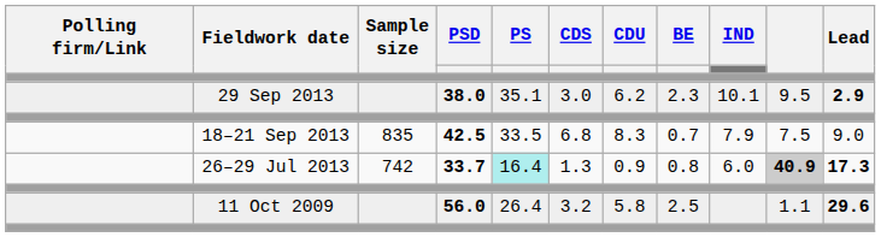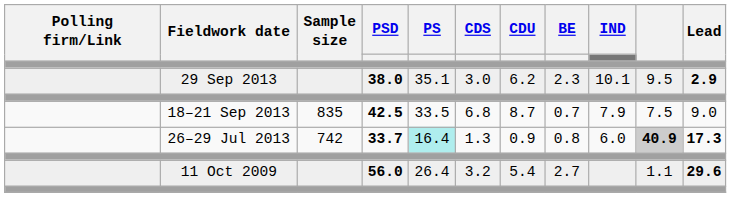 <table class="wikitable collapsible sortable" style="text-align:center; font-size:95%; line-height:16px;">
 <tr style="height:42px;">
 <th style="width:145px;" rowspan="2">Polling firm/Link</th>
 <th style="width:125px;" rowspan="2">Fieldwork date</th>
 <th class="unsortable" style="width:50px;" rowspan="2">Sample size</th>
 <th class="unsortable" style="width:35px;"><a href='#'>PSD</a></th>
 <th class="unsortable" style="width:35px;"><a href='#'>PS</a></th>
 <th class="unsortable" style="width:35px;"><a href='#'>CDS</a></th>
 <th class="unsortable" style="width:35px;"><a href='#'>CDU</a></th>
 <th class="unsortable" style="width:35px;"><a href='#'>BE</a></th>
 <th class="unsortable" style="width:35px;"><a href='#'>IND</a></th>
 <th class="unsortable" style="width:35px;" rowspan="2"></th>
 <th class="unsortable" style="width:30px;" rowspan="2">Lead</th>
 </tr>
 <tr>
 <th class="unsortable" style="color:inherit;background:"></th>
 <th class="unsortable" style="color:inherit;background:"></th>
 <th class="unsortable" style="color:inherit;background:"></th>
 <th class="unsortable" style="color:inherit;background:"></th>
 <th class="unsortable" style="color:inherit;background:"></th>
 <th class="unsortable" style="color:inherit;background:#777777;"></th>
 </tr>
 <tr>
 <td colspan="13" style="background:#A0A0A0"></td>
 </tr>
 <tr style="background:#EFEFEF;">
 <td><strong></strong></td>
 <td data-sort-value="2019-10-06">29 Sep 2013</td>
 <td></td>
 <td><strong>38.0</strong><br></td>
 <td>35.1<br></td>
 <td>3.0<br></td>
 <td>6.2<br></td>
 <td>2.3<br></td>
 <td>10.1<br></td>
 <td>9.5</td>
 <td style="background:"><strong>2.9</strong></td>
 </tr>
 <tr>
 <td colspan="13" style="background:#A0A0A0"></td>
 </tr>
 <tr>
 <td align="center"></td>
 <td align="center">18–21 Sep 2013</td>
 <td>835</td>
 <td align="center" ><strong>42.5</strong></td>
 <td align="center">33.5</td>
 <td align="center">6.8</td>
-<td align="center">8.3</td>
+<td align="center">8.7</td>
 <td align="center">0.7</td>
 <td align="center">7.9</td>
 <td align="center">7.5</td>
 <td style="background:">9.0</td>
 </tr>
 <tr>
 <td align="center"></td>
 <td align="center">26–29 Jul 2013</td>
 <td>742</td>
 <td align="center" ><strong>33.7</strong></td>
 <td align="center" style="background: paleturquoise;">16.4</td>
 <td align="center">1.3</td>
 <td align="center">0.9</td>
 <td align="center">0.8</td>
 <td align="center">6.0</td>
 <td style="background:#cccccc"><strong>40.9</strong></td>
 <td style="background:"><strong>17.3</strong></td>
 </tr>
 <tr>
 <td colspan="13" style="background:#A0A0A0"></td>
 </tr>
 <tr style="background:#EFEFEF;">
 <td><strong></strong></td>
 <td data-sort-value="2019-10-06">11 Oct 2009</td>
 <td></td>
 <td><strong>56.0</strong><br></td>
 <td>26.4<br></td>
 <td>3.2<br></td>
-<td>5.8<br></td>
-<td>2.5<br></td>
+<td>5.4<br></td>
+<td>2.7<br></td>
 <td></td>
 <td>1.1</td>
 <td style="background:"><strong>29.6</strong></td>
 </tr>
 <tr>
 <td colspan="13" style="background:#A0A0A0"></td>
 </tr>
 <tr>
 </tr>
 </table>
